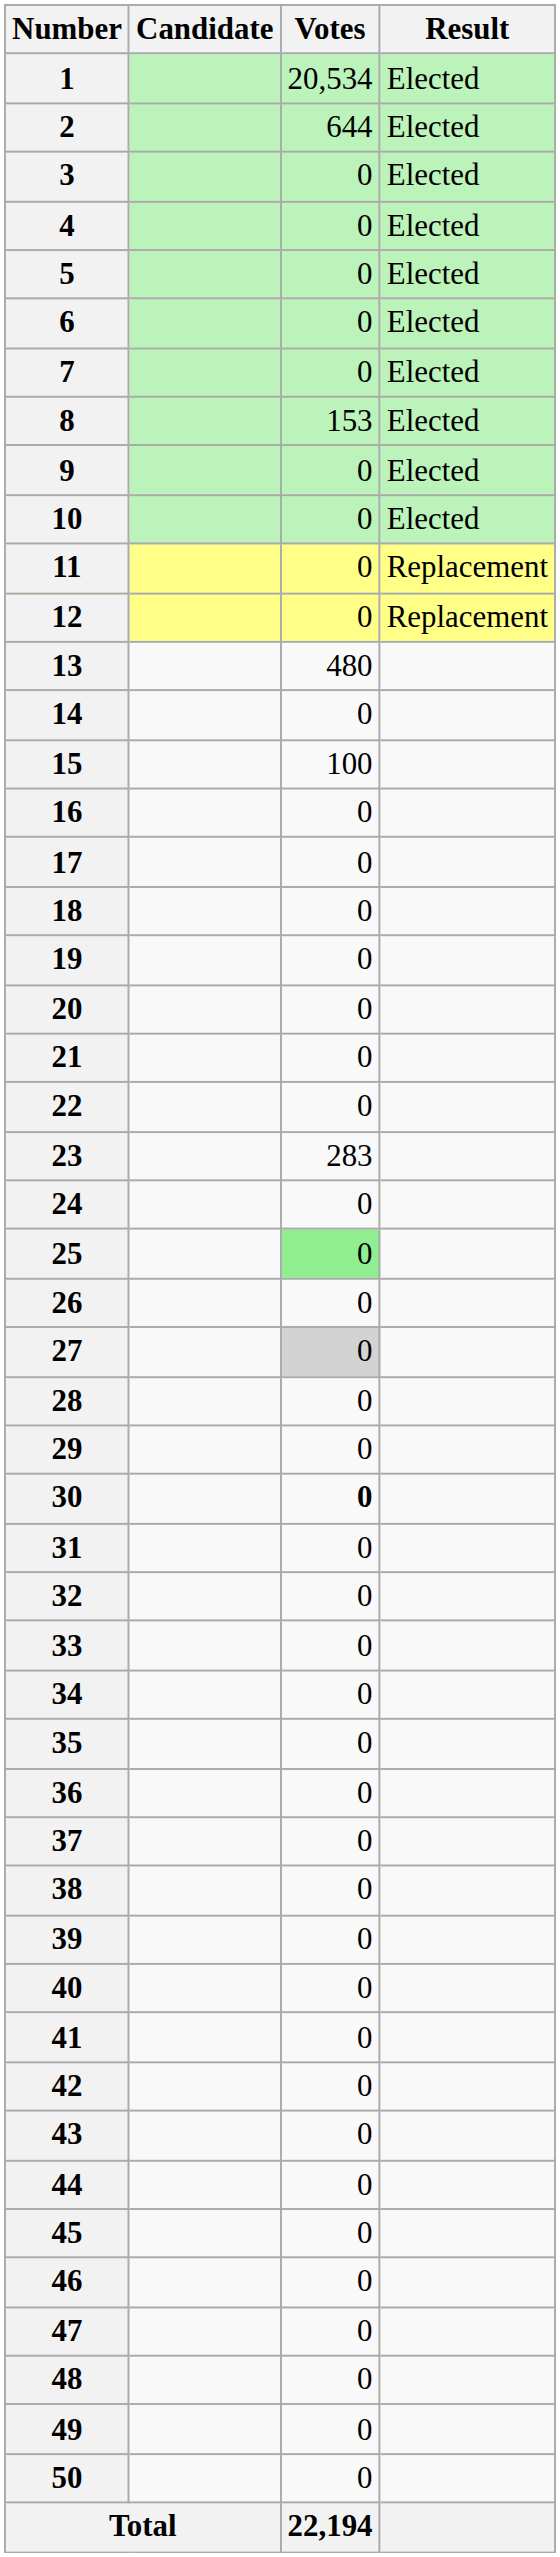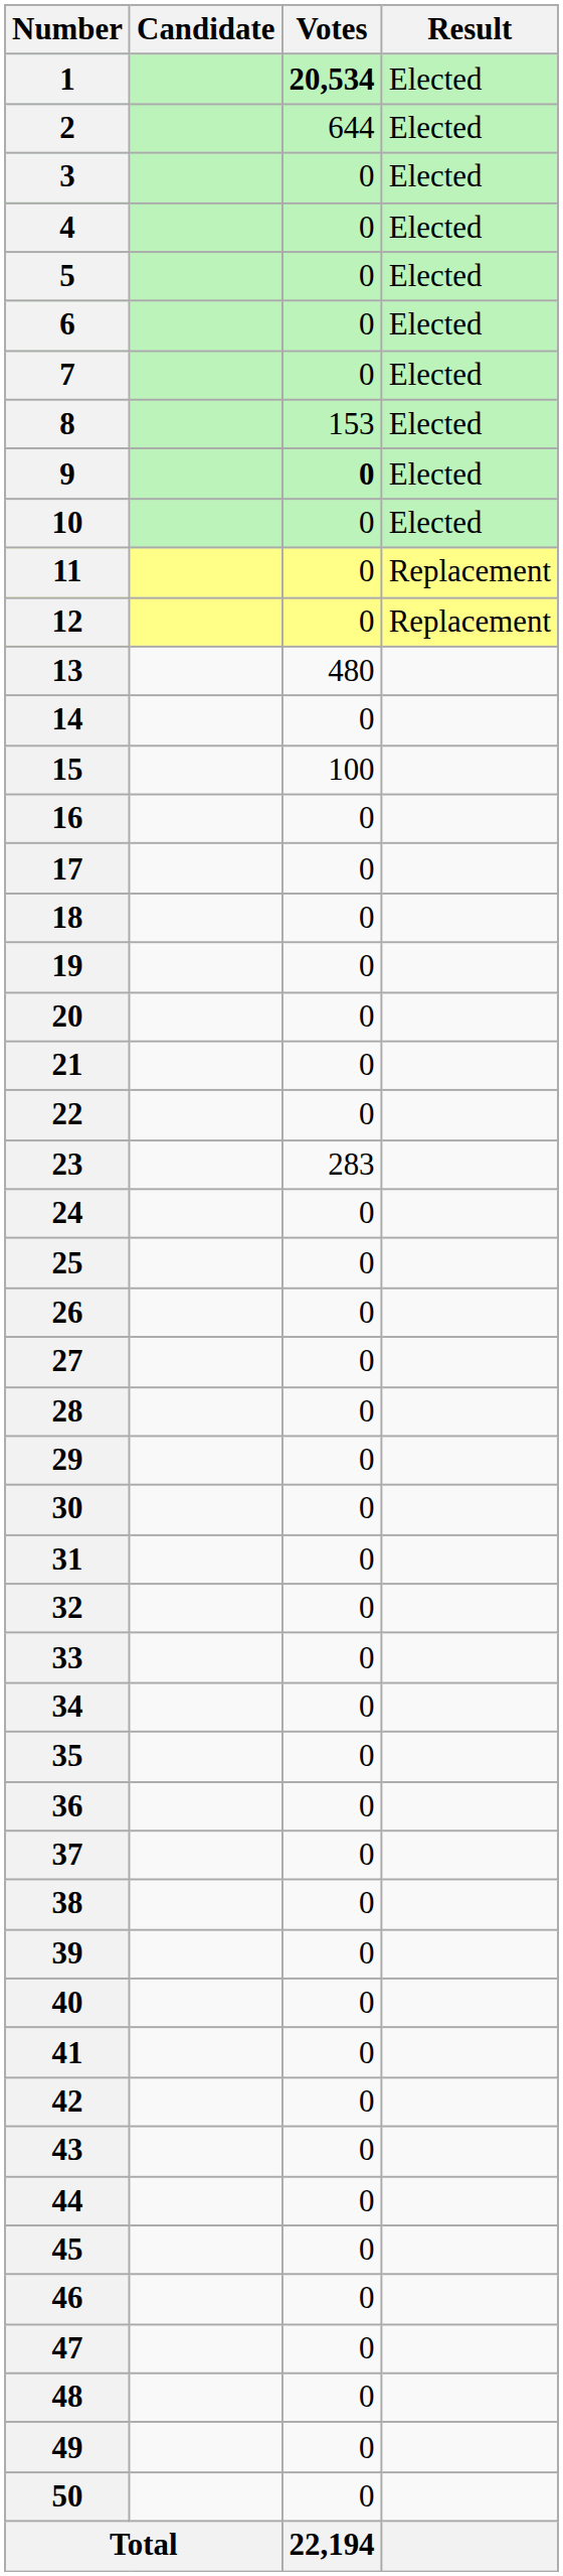 <table class="wikitable sortable">
 <tr>
 <th scope="col">Number</th>
 <th scope="col">Candidate</th>
 <th scope="col">Votes</th>
 <th scope="col">Result</th>
 </tr>
 <tr bgcolor=bbf3bb>
 <th scope="row">1</th>
 <td></td>
-<td align="right">20,534</td>
+<td align="right"><strong>20,534</strong></td>
 <td>Elected</td>
 </tr>
 <tr bgcolor=bbf3bb>
 <th scope="row">2</th>
 <td></td>
 <td align="right">644</td>
 <td>Elected</td>
 </tr>
 <tr bgcolor=bbf3bb>
 <th scope="row">3</th>
 <td></td>
 <td align="right">0</td>
 <td>Elected</td>
 </tr>
 <tr bgcolor=bbf3bb>
 <th scope="row">4</th>
 <td></td>
 <td align="right">0</td>
 <td>Elected</td>
 </tr>
 <tr bgcolor=bbf3bb>
 <th scope="row">5</th>
 <td></td>
 <td align="right">0</td>
 <td>Elected</td>
 </tr>
 <tr bgcolor=bbf3bb>
 <th scope="row">6</th>
 <td></td>
 <td align="right">0</td>
 <td>Elected</td>
 </tr>
 <tr bgcolor=bbf3bb>
 <th scope="row">7</th>
 <td></td>
 <td align="right">0</td>
 <td>Elected</td>
 </tr>
 <tr bgcolor=bbf3bb>
 <th scope="row">8</th>
 <td></td>
 <td align="right">153</td>
 <td>Elected</td>
 </tr>
 <tr bgcolor=bbf3bb>
 <th scope="row">9</th>
 <td></td>
-<td align="right">0</td>
+<td align="right"><strong>0</strong></td>
 <td>Elected</td>
 </tr>
 <tr bgcolor=bbf3bb>
 <th scope="row">10</th>
 <td></td>
 <td align="right">0</td>
 <td>Elected</td>
 </tr>
 <tr bgcolor=#FF8>
 <th scope="row">11</th>
 <td></td>
 <td align="right">0</td>
 <td>Replacement</td>
 </tr>
 <tr bgcolor=#FF8>
 <th scope="row">12</th>
 <td></td>
 <td align="right">0</td>
 <td>Replacement</td>
 </tr>
 <tr>
 <th scope="row">13</th>
 <td></td>
 <td align="right">480</td>
 <td></td>
 </tr>
 <tr>
 <th scope="row">14</th>
 <td></td>
 <td align="right">0</td>
 <td></td>
 </tr>
 <tr>
 <th scope="row">15</th>
 <td></td>
 <td align="right">100</td>
 <td></td>
 </tr>
 <tr>
 <th scope="row">16</th>
 <td></td>
 <td align="right">0</td>
 <td></td>
 </tr>
 <tr>
 <th scope="row">17</th>
 <td></td>
 <td align="right">0</td>
 <td></td>
 </tr>
 <tr>
 <th scope="row">18</th>
 <td></td>
 <td align="right">0</td>
 <td></td>
 </tr>
 <tr>
 <th scope="row">19</th>
 <td></td>
 <td align="right">0</td>
 <td></td>
 </tr>
 <tr>
 <th scope="row">20</th>
 <td></td>
 <td align="right">0</td>
 <td></td>
 </tr>
 <tr>
 <th scope="row">21</th>
 <td></td>
 <td align="right">0</td>
 <td></td>
 </tr>
 <tr>
 <th scope="row">22</th>
 <td></td>
 <td align="right">0</td>
 <td></td>
 </tr>
 <tr>
 <th scope="row">23</th>
 <td></td>
 <td align="right">283</td>
 <td></td>
 </tr>
 <tr>
 <th scope="row">24</th>
 <td></td>
 <td align="right">0</td>
 <td></td>
 </tr>
 <tr>
 <th scope="row">25</th>
 <td></td>
-<td align="right" style="background: lightgreen;">0</td>
+<td align="right">0</td>
 <td></td>
 </tr>
 <tr>
 <th scope="row">26</th>
 <td></td>
 <td align="right">0</td>
 <td></td>
 </tr>
 <tr>
 <th scope="row">27</th>
 <td></td>
-<td align="right" style="background: lightgrey;">0</td>
+<td align="right">0</td>
 <td></td>
 </tr>
 <tr>
 <th scope="row">28</th>
 <td></td>
 <td align="right">0</td>
 <td></td>
 </tr>
 <tr>
 <th scope="row">29</th>
 <td></td>
 <td align="right">0</td>
 <td></td>
 </tr>
 <tr>
 <th scope="row">30</th>
 <td></td>
-<td align="right"><strong>0</strong></td>
+<td align="right">0</td>
 <td></td>
 </tr>
 <tr>
 <th scope="row">31</th>
 <td></td>
 <td align="right">0</td>
 <td></td>
 </tr>
 <tr>
 <th scope="row">32</th>
 <td></td>
 <td align="right">0</td>
 <td></td>
 </tr>
 <tr>
 <th scope="row">33</th>
 <td></td>
 <td align="right">0</td>
 <td></td>
 </tr>
 <tr>
 <th scope="row">34</th>
 <td></td>
 <td align="right">0</td>
 <td></td>
 </tr>
 <tr>
 <th scope="row">35</th>
 <td></td>
 <td align="right">0</td>
 <td></td>
 </tr>
 <tr>
 <th scope="row">36</th>
 <td></td>
 <td align="right">0</td>
 <td></td>
 </tr>
 <tr>
 <th scope="row">37</th>
 <td></td>
 <td align="right">0</td>
 <td></td>
 </tr>
 <tr>
 <th scope="row">38</th>
 <td></td>
 <td align="right">0</td>
 <td></td>
 </tr>
 <tr>
 <th scope="row">39</th>
 <td></td>
 <td align="right">0</td>
 <td></td>
 </tr>
 <tr>
 <th scope="row">40</th>
 <td></td>
 <td align="right">0</td>
 <td></td>
 </tr>
 <tr>
 <th scope="row">41</th>
 <td></td>
 <td align="right">0</td>
 <td></td>
 </tr>
 <tr>
 <th scope="row">42</th>
 <td></td>
 <td align="right">0</td>
 <td></td>
 </tr>
 <tr>
 <th scope="row">43</th>
 <td></td>
 <td align="right">0</td>
 <td></td>
 </tr>
 <tr>
 <th scope="row">44</th>
 <td></td>
 <td align="right">0</td>
 <td></td>
 </tr>
 <tr>
 <th scope="row">45</th>
 <td></td>
 <td align="right">0</td>
 <td></td>
 </tr>
 <tr>
 <th scope="row">46</th>
 <td></td>
 <td align="right">0</td>
 <td></td>
 </tr>
 <tr>
 <th scope="row">47</th>
 <td></td>
 <td align="right">0</td>
 <td></td>
 </tr>
 <tr>
 <th scope="row">48</th>
 <td></td>
 <td align="right">0</td>
 <td></td>
 </tr>
 <tr>
 <th scope="row">49</th>
 <td></td>
 <td align="right">0</td>
 <td></td>
 </tr>
 <tr>
 <th scope="row">50</th>
 <td></td>
 <td align="right">0</td>
 <td></td>
 </tr>
 <tr class=sortbottom>
 <th scope="row" colspan="2">Total</th>
 <th style="text-align:right">22,194</th>
 <th></th>
 </tr>
 </table>
